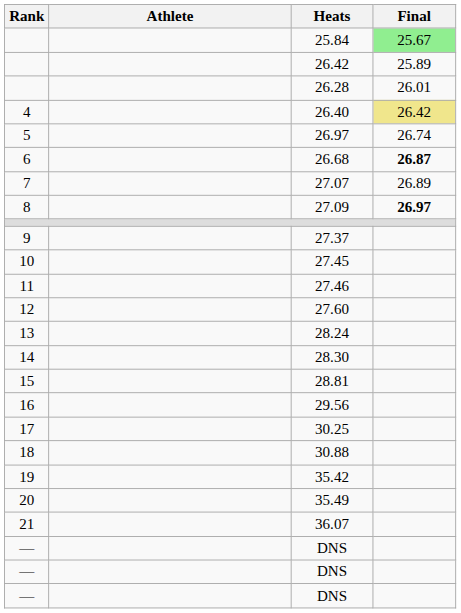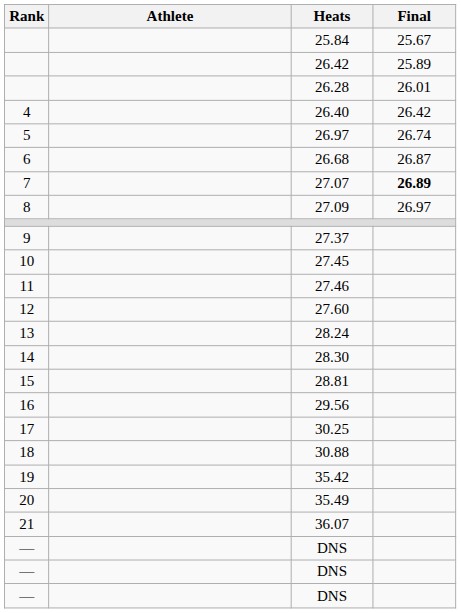 <table class=wikitable style="text-align:center">
 <tr>
 <th width=40>Rank</th>
 <th width=250>Athlete</th>
 <th width=80>Heats</th>
 <th width=80>Final</th>
 </tr>
 <tr>
 <td></td>
 <td align=left></td>
 <td>25.84</td>
-<td style="background: lightgreen;">25.67</td>
+<td>25.67</td>
 </tr>
 <tr>
 <td></td>
 <td align=left></td>
 <td>26.42</td>
 <td>25.89</td>
 </tr>
 <tr>
 <td></td>
 <td align=left></td>
 <td>26.28</td>
 <td>26.01</td>
 </tr>
 <tr>
 <td>4</td>
 <td align=left></td>
 <td>26.40</td>
-<td style="background: khaki;">26.42</td>
+<td>26.42</td>
 </tr>
 <tr>
 <td>5</td>
 <td align=left></td>
 <td>26.97</td>
 <td>26.74</td>
 </tr>
 <tr>
 <td>6</td>
 <td align=left></td>
 <td>26.68</td>
-<td><strong>26.87</strong></td>
+<td>26.87</td>
 </tr>
 <tr>
 <td>7</td>
 <td align=left></td>
 <td>27.07</td>
-<td>26.89</td>
+<td><strong>26.89</strong></td>
 </tr>
 <tr>
 <td>8</td>
 <td align=left></td>
 <td>27.09</td>
-<td><strong>26.97</strong></td>
+<td>26.97</td>
 </tr>
 <tr bgcolor=#DDDDDD>
 <td colspan=4></td>
 </tr>
 <tr>
 <td>9</td>
 <td align=left></td>
 <td>27.37</td>
 <td></td>
 </tr>
 <tr>
 <td>10</td>
 <td align=left></td>
 <td>27.45</td>
 <td></td>
 </tr>
 <tr>
 <td>11</td>
 <td align=left></td>
 <td>27.46</td>
 <td></td>
 </tr>
 <tr>
 <td>12</td>
 <td align=left></td>
 <td>27.60</td>
 <td></td>
 </tr>
 <tr>
 <td>13</td>
 <td align=left></td>
 <td>28.24</td>
 <td></td>
 </tr>
 <tr>
 <td>14</td>
 <td align=left></td>
 <td>28.30</td>
 <td></td>
 </tr>
 <tr>
 <td>15</td>
 <td align=left></td>
 <td>28.81</td>
 <td></td>
 </tr>
 <tr>
 <td>16</td>
 <td align=left></td>
 <td>29.56</td>
 <td></td>
 </tr>
 <tr>
 <td>17</td>
 <td align=left></td>
 <td>30.25</td>
 <td></td>
 </tr>
 <tr>
 <td>18</td>
 <td align=left></td>
 <td>30.88</td>
 <td></td>
 </tr>
 <tr>
 <td>19</td>
 <td align=left></td>
 <td>35.42</td>
 <td></td>
 </tr>
 <tr>
 <td>20</td>
 <td align=left></td>
 <td>35.49</td>
 <td></td>
 </tr>
 <tr>
 <td>21</td>
 <td align=left></td>
 <td>36.07</td>
 <td></td>
 </tr>
 <tr>
 <td>—</td>
 <td align=left></td>
 <td>DNS</td>
 <td></td>
 </tr>
 <tr>
 <td>—</td>
 <td align=left></td>
 <td>DNS</td>
 <td></td>
 </tr>
 <tr>
 <td>—</td>
 <td align=left></td>
 <td>DNS</td>
 <td></td>
 </tr>
 </table>
